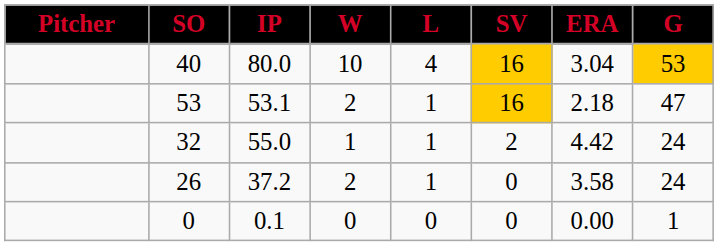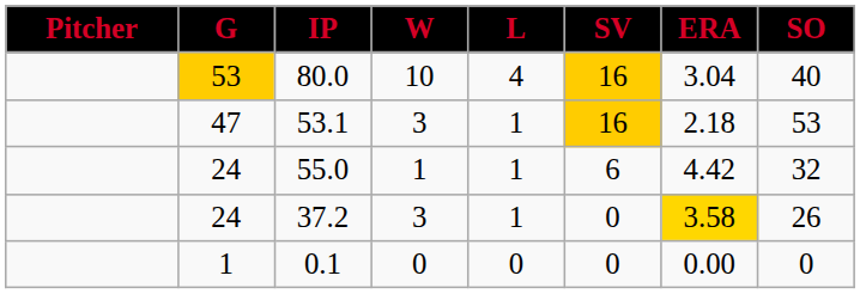 <table class="wikitable sortable">
 <tr>
 <th style="background:black;color:#d40026;" width="16%">Pitcher</th>
-<th style="background:black;color:#d40026;" width="9%">SO</th>
+<th style="background:black;color:#d40026;" width="9%">G</th>
 <th style="background:black;color:#d40026;" width="9%">IP</th>
 <th style="background:black;color:#d40026;" width="9%">W</th>
 <th style="background:black;color:#d40026;" width="9%">L</th>
 <th style="background:black;color:#d40026;" width="9%">SV</th>
 <th style="background:black;color:#d40026;" width="9%">ERA</th>
-<th style="background:black;color:#d40026;" width="9%">G</th>
+<th style="background:black;color:#d40026;" width="9%">SO</th>
 </tr>
 <tr align="center">
 <td></td>
-<td>40</td>
+<td style="background:#fc0;">53</td>
 <td>80.0</td>
 <td>10</td>
 <td>4</td>
 <td style="background:#fc0;">16</td>
 <td>3.04</td>
-<td style="background:#fc0;">53</td>
+<td>40</td>
 </tr>
 <tr align="center">
 <td></td>
-<td>53</td>
+<td>47</td>
 <td>53.1</td>
-<td>2</td>
+<td>3</td>
 <td>1</td>
 <td style="background:#fc0;">16</td>
 <td>2.18</td>
-<td>47</td>
+<td>53</td>
 </tr>
 <tr align="center">
 <td></td>
-<td>32</td>
+<td>24</td>
 <td>55.0</td>
 <td>1</td>
 <td>1</td>
-<td>2</td>
+<td>6</td>
 <td>4.42</td>
-<td>24</td>
+<td>32</td>
 </tr>
 <tr align="center">
 <td></td>
-<td>26</td>
+<td>24</td>
 <td>37.2</td>
-<td>2</td>
+<td>3</td>
 <td>1</td>
 <td>0</td>
-<td>3.58</td>
-<td>24</td>
+<td style="background: gold;">3.58</td>
+<td>26</td>
 </tr>
 <tr align="center">
 <td></td>
-<td>0</td>
+<td>1</td>
 <td>0.1</td>
 <td>0</td>
 <td>0</td>
 <td>0</td>
 <td>0.00</td>
-<td>1</td>
+<td>0</td>
 </tr>
 </table>
